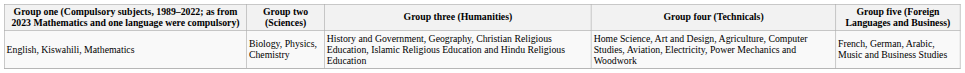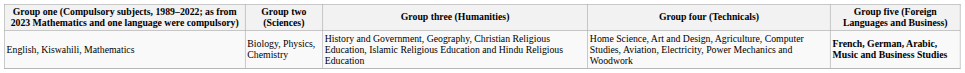 <table class="wikitable">
 <tr>
 <th>Group one (Compulsory subjects, 1989–2022; as from 2023 Mathematics and one language were compulsory)</th>
 <th>Group two (Sciences)</th>
 <th>Group three (Humanities)</th>
 <th>Group four (Technicals)</th>
 <th>Group five (Foreign Languages and Business)</th>
 </tr>
 <tr>
 <td>English, Kiswahili, Mathematics</td>
 <td>Biology, Physics, Chemistry</td>
 <td>History and Government, Geography, Christian Religious Education, Islamic Religious Education and Hindu Religious Education</td>
 <td>Home Science,  Art and Design, Agriculture, Computer Studies, Aviation, Electricity, Power Mechanics and Woodwork</td>
-<td>French, German, Arabic, Music and Business Studies</td>
+<td><strong>French, German, Arabic, Music and Business Studies</strong></td>
 </tr>
 <tr>
 </tr>
 </table>
